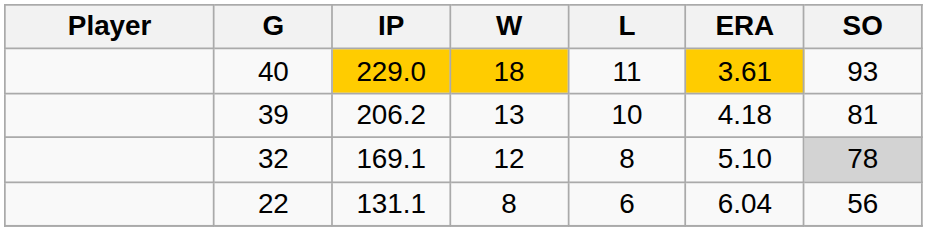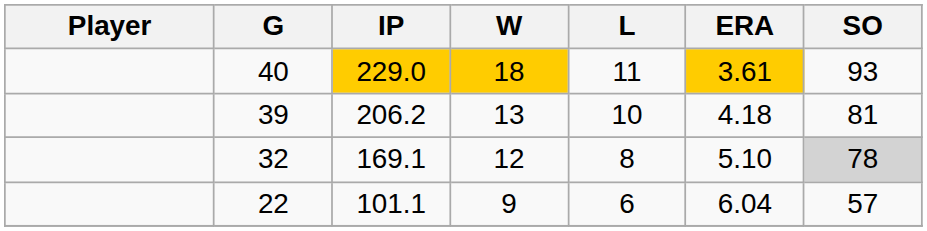 <table class="wikitable sortable">
 <tr>
 <th bgcolor="#DDDDFF" width="16%">Player</th>
 <th bgcolor="#DDDDFF" width="9%">G</th>
 <th bgcolor="#DDDDFF" width="9%">IP</th>
 <th bgcolor="#DDDDFF" width="9%">W</th>
 <th bgcolor="#DDDDFF" width="9%">L</th>
 <th bgcolor="#DDDDFF" width="9%">ERA</th>
 <th bgcolor="#DDDDFF" width="9%">SO</th>
 </tr>
 <tr align="center">
 <td></td>
 <td>40</td>
 <td style="background:#fc0;">229.0</td>
 <td style="background:#fc0;">18</td>
 <td>11</td>
 <td style="background:#fc0;">3.61</td>
 <td>93</td>
 </tr>
 <tr align="center">
 <td></td>
 <td>39</td>
 <td>206.2</td>
 <td>13</td>
 <td>10</td>
 <td>4.18</td>
 <td>81</td>
 </tr>
 <tr align="center">
 <td></td>
 <td>32</td>
 <td>169.1</td>
 <td>12</td>
 <td>8</td>
 <td>5.10</td>
 <td style="background: lightgrey;">78</td>
 </tr>
 <tr align="center">
 <td></td>
 <td>22</td>
-<td>131.1</td>
-<td>8</td>
+<td>101.1</td>
+<td>9</td>
 <td>6</td>
 <td>6.04</td>
-<td>56</td>
+<td>57</td>
 </tr>
 <tr align="center">
 </tr>
 </table>
